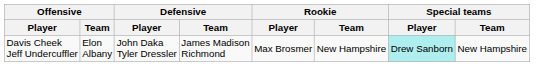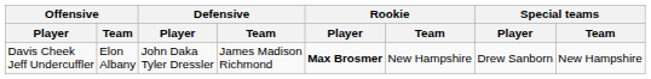 <table class="wikitable" border="1">
 <tr>
 <th colspan="2">Offensive</th>
 <th colspan="2">Defensive</th>
 <th colspan="2">Rookie</th>
 <th colspan="2">Special teams</th>
 </tr>
 <tr>
 <th>Player</th>
 <th>Team</th>
 <th>Player</th>
 <th>Team</th>
 <th>Player</th>
 <th>Team</th>
 <th>Player</th>
 <th>Team</th>
 </tr>
 <tr>
 <td>Davis Cheek<br>Jeff Undercuffler</td>
 <td>Elon<br>Albany</td>
 <td>John Daka<br>Tyler Dressler</td>
 <td>James Madison<br>Richmond</td>
-<td>Max Brosmer</td>
+<td><strong>Max Brosmer</strong></td>
 <td>New Hampshire</td>
-<td style="background: paleturquoise;">Drew Sanborn</td>
+<td>Drew Sanborn</td>
 <td>New Hampshire</td>
 </tr>
 </table>
